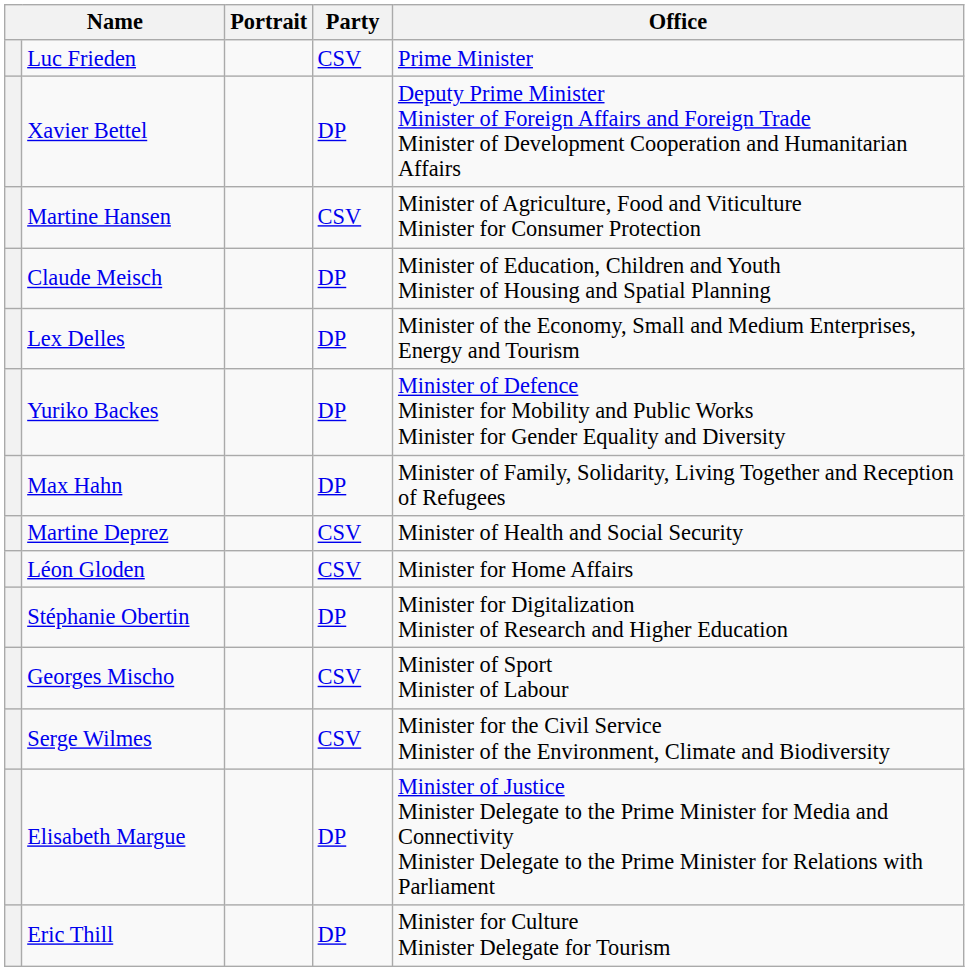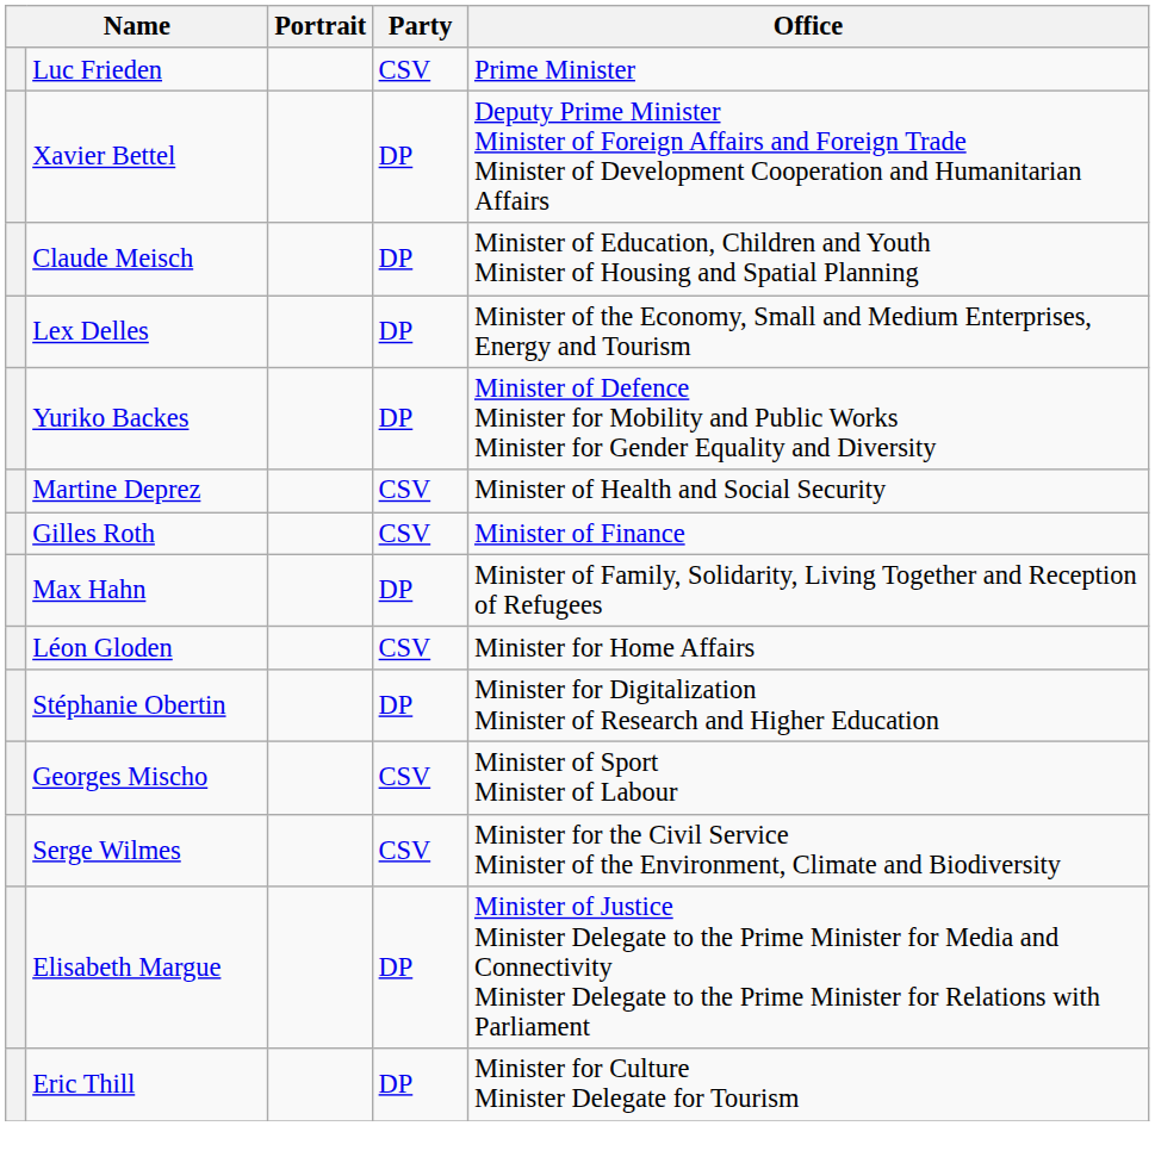 <table class="wikitable">
 <tr>
 <th colspan=2 width=150px>Name</th>
 <th scope=col class="unsortable">Portrait</th>
 <th width=50px>Party</th>
 <th width=400px>Office</th>
 </tr>
 <tr>
 <th width=5px style="background-color: "></th>
 <td valign=center><a href='#'>Luc Frieden</a></td>
 <td valign=center></td>
 <td valign=center><a href='#'>CSV</a></td>
 <td><a href='#'>Prime Minister</a></td>
 </tr>
 <tr>
 <th width=5px style="background-color: "></th>
 <td valign=center><a href='#'>Xavier Bettel</a></td>
 <td valign=center></td>
 <td valign=center><a href='#'>DP</a></td>
 <td><a href='#'>Deputy Prime Minister</a> <br><a href='#'>Minister of Foreign Affairs and Foreign Trade</a><br>Minister of Development Cooperation and Humanitarian Affairs</td>
-</tr>
-<tr>
-<th style="background-color: "></th>
-<td valign=center><a href='#'>Martine Hansen</a></td>
-<td valign=center></td>
-<td valign=center><a href='#'>CSV</a></td>
-<td>Minister of Agriculture, Food and Viticulture<br>Minister for Consumer Protection</td>
 </tr>
 <tr>
 <th style="background-color: "></th>
 <td valign=center><a href='#'>Claude Meisch</a></td>
 <td valign=center></td>
 <td valign=center><a href='#'>DP</a></td>
 <td>Minister of Education, Children and Youth<br>Minister of Housing and Spatial Planning</td>
 </tr>
 <tr>
 <th style="background-color: "></th>
 <td valign=center><a href='#'>Lex Delles</a></td>
 <td valign=center></td>
 <td valign=center><a href='#'>DP</a></td>
 <td>Minister of the Economy, Small and Medium Enterprises, Energy and Tourism</td>
 </tr>
 <tr>
 <th style="background-color: "></th>
 <td valign=center><a href='#'>Yuriko Backes</a></td>
 <td valign=center></td>
 <td valign=center><a href='#'>DP</a></td>
 <td><a href='#'>Minister of Defence</a> <br>Minister for Mobility and Public Works <br>Minister for Gender Equality and Diversity</td>
 </tr>
 <tr>
 <th style="background-color: "></th>
+<td valign=center><a href='#'>Martine Deprez</a></td>
+<td valign=center></td>
+<td valign=center><a href='#'>CSV</a></td>
+<td>Minister of Health and Social Security</td>
+</tr>
+<tr>
+<th style="background-color: "></th>
+<td valign=center><a href='#'>Gilles Roth</a></td>
+<td valign=center></td>
+<td valign=center><a href='#'>CSV</a></td>
+<td><a href='#'>Minister of Finance</a></td>
+</tr>
+<tr>
+<th style="background-color: "></th>
 <td valign=center><a href='#'>Max Hahn</a></td>
 <td valign=center></td>
 <td valign=center><a href='#'>DP</a></td>
 <td>Minister of Family, Solidarity, Living Together and Reception of Refugees</td>
-</tr>
-<tr>
-<th style="background-color: "></th>
-<td valign=center><a href='#'>Martine Deprez</a></td>
-<td valign=center></td>
-<td valign=center><a href='#'>CSV</a></td>
-<td>Minister of Health and Social Security</td>
 </tr>
 <tr>
 <th style="background-color: "></th>
 <td valign=center><a href='#'>Léon Gloden</a></td>
 <td valign=center></td>
 <td valign=center><a href='#'>CSV</a></td>
 <td>Minister for Home Affairs</td>
 </tr>
 <tr>
 <th style="background-color: "></th>
 <td valign=center><a href='#'>Stéphanie Obertin</a></td>
 <td valign=center></td>
 <td valign=center><a href='#'>DP</a></td>
 <td>Minister for Digitalization <br>Minister of Research and Higher Education</td>
 </tr>
 <tr>
 <th style="background-color: "></th>
 <td valign=center><a href='#'>Georges Mischo</a></td>
 <td valign=center></td>
 <td valign=center><a href='#'>CSV</a></td>
 <td>Minister of Sport<br>Minister of Labour</td>
 </tr>
 <tr>
 <th style="background-color: "></th>
 <td valign=center><a href='#'>Serge Wilmes</a></td>
 <td valign=center></td>
 <td valign=center><a href='#'>CSV</a></td>
 <td>Minister for the Civil Service <br>Minister of the Environment, Climate and Biodiversity</td>
 </tr>
 <tr>
 <th style="background-color: "></th>
 <td valign=center><a href='#'>Elisabeth Margue</a></td>
 <td valign=center></td>
 <td valign=center><a href='#'>DP</a></td>
 <td><a href='#'>Minister of Justice</a><br>Minister Delegate to the Prime Minister for Media and Connectivity<br>Minister Delegate to the Prime Minister for Relations with Parliament</td>
 </tr>
 <tr>
 <th style="background-color: "></th>
 <td valign=center><a href='#'>Eric Thill</a></td>
 <td valign=center></td>
 <td valign=center><a href='#'>DP</a></td>
 <td>Minister for Culture<br>Minister Delegate for Tourism</td>
 </tr>
 <tr>
 </tr>
 </table>
